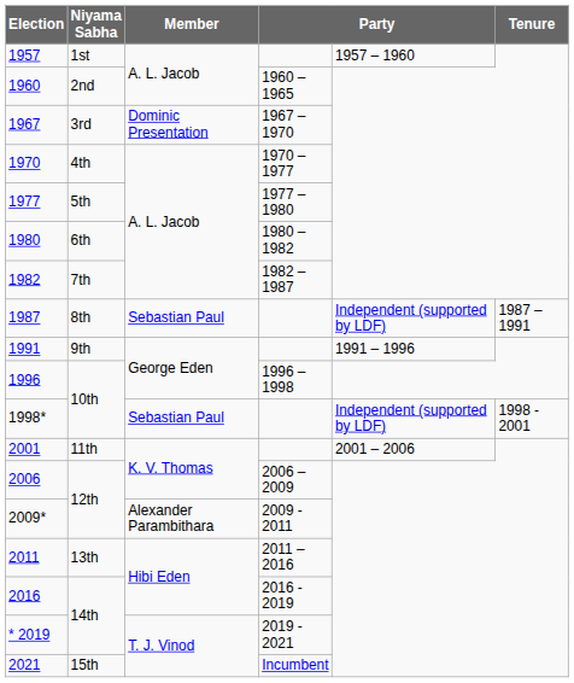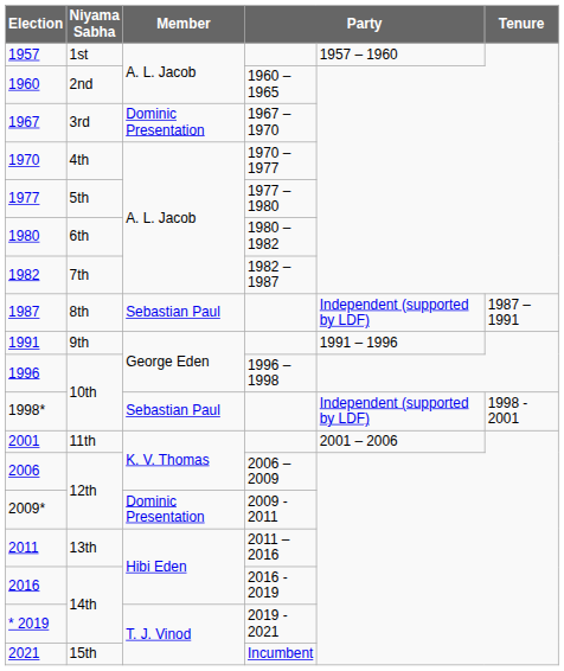 <table class="wikitable sortable" width="50%">
 <tr>
 <th style="background-color:#666666; color:white">Election</th>
 <th style="background-color:#666666; color:white">Niyama<br>Sabha</th>
 <th style="background-color:#666666; color:white">Member</th>
 <th style="background-color:#666666; color:white" colspan="2">Party</th>
 <th style="background-color:#666666; color:white">Tenure</th>
 </tr>
 <tr>
 <td><a href='#'>1957</a></td>
 <td>1st</td>
 <td rowspan="2">A. L. Jacob</td>
 <td></td>
 <td>1957 – 1960</td>
 </tr>
 <tr>
 <td><a href='#'>1960</a></td>
 <td>2nd</td>
 <td>1960 – 1965</td>
 </tr>
 <tr>
 <td><a href='#'>1967</a></td>
 <td>3rd</td>
 <td><a href='#'>Dominic Presentation</a></td>
 <td>1967 – 1970</td>
 </tr>
 <tr>
 <td><a href='#'>1970</a></td>
 <td>4th</td>
 <td rowspan="4">A. L. Jacob</td>
 <td>1970 – 1977</td>
 </tr>
 <tr>
 <td><a href='#'>1977</a></td>
 <td>5th</td>
 <td>1977 – 1980</td>
 </tr>
 <tr>
 <td><a href='#'>1980</a></td>
 <td>6th</td>
 <td>1980 – 1982</td>
 </tr>
 <tr>
 <td><a href='#'>1982</a></td>
 <td>7th</td>
 <td>1982 – 1987</td>
 </tr>
 <tr>
 <td><a href='#'>1987</a></td>
 <td>8th</td>
 <td><a href='#'>Sebastian Paul</a></td>
 <td width="4px" style="background-color: "></td>
 <td><a href='#'>Independent (supported by LDF)</a></td>
 <td>1987 – 1991</td>
 </tr>
 <tr>
 <td><a href='#'>1991</a></td>
 <td>9th</td>
 <td rowspan="2">George Eden</td>
 <td></td>
 <td>1991 – 1996</td>
 </tr>
 <tr>
 <td><a href='#'>1996</a></td>
 <td rowspan="2">10th</td>
 <td>1996 – 1998</td>
 </tr>
 <tr>
 <td>1998*</td>
 <td><a href='#'>Sebastian Paul</a></td>
 <td width="4px" style="background-color: "></td>
 <td><a href='#'>Independent (supported by LDF)</a></td>
 <td>1998 - 2001</td>
 </tr>
 <tr>
 <td><a href='#'>2001</a></td>
 <td>11th</td>
 <td rowspan="2"><a href='#'>K. V. Thomas</a></td>
 <td></td>
 <td>2001 – 2006</td>
 </tr>
 <tr>
 <td><a href='#'>2006</a></td>
 <td rowspan="2">12th</td>
 <td>2006 – 2009</td>
 </tr>
 <tr>
 <td>2009*</td>
-<td>Alexander Parambithara</td>
+<td><a href='#'>Dominic Presentation</a></td>
 <td>2009 - 2011</td>
 </tr>
 <tr>
 <td><a href='#'>2011</a></td>
 <td>13th</td>
 <td rowspan="2"><a href='#'>Hibi Eden</a></td>
 <td>2011 – 2016</td>
 </tr>
 <tr>
 <td><a href='#'>2016</a></td>
 <td rowspan="2">14th</td>
 <td>2016 - 2019</td>
 </tr>
 <tr>
 <td><a href='#'>* 2019</a></td>
 <td rowspan="2"><a href='#'>T. J. Vinod</a></td>
 <td>2019 - 2021</td>
 </tr>
 <tr>
 <td><a href='#'>2021</a></td>
 <td rowspan="2">15th</td>
 <td><a href='#'>Incumbent</a></td>
 </tr>
 </table>
